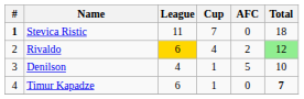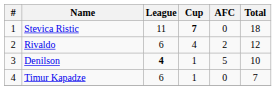 <table class="wikitable sortable"  style="text-align:center; font-size:95%; ">
 <tr>
 <th width=20px>#</th>
 <th width=180px>Name</th>
 <th width=40px>League</th>
 <th width=40px>Cup</th>
 <th width=40px>AFC</th>
 <th width=40px>Total</th>
 </tr>
 <tr bgcolor=>
-<td><strong>1</strong></td>
+<td>1</td>
 <td align=left> <a href='#'>Stevica Ristic</a></td>
 <td>11</td>
-<td>7</td>
+<td><strong>7</strong></td>
 <td>0</td>
 <td>18</td>
 </tr>
 <tr>
 <td>2</td>
 <td align=left> <a href='#'>Rivaldo</a></td>
-<td style="background: gold;">6</td>
+<td>6</td>
 <td>4</td>
 <td>2</td>
-<td style="background: lightgreen;">12</td>
+<td>12</td>
 </tr>
 <tr>
 <td>3</td>
 <td align=left> <a href='#'>Denilson</a></td>
-<td>4</td>
+<td><strong>4</strong></td>
 <td>1</td>
 <td>5</td>
 <td>10</td>
 </tr>
 <tr>
 <td>4</td>
 <td align=left> <a href='#'>Timur Kapadze</a></td>
 <td>6</td>
 <td>1</td>
 <td>0</td>
-<td><strong>7</strong></td>
+<td>7</td>
 </tr>
 <tr>
 </tr>
 </table>
